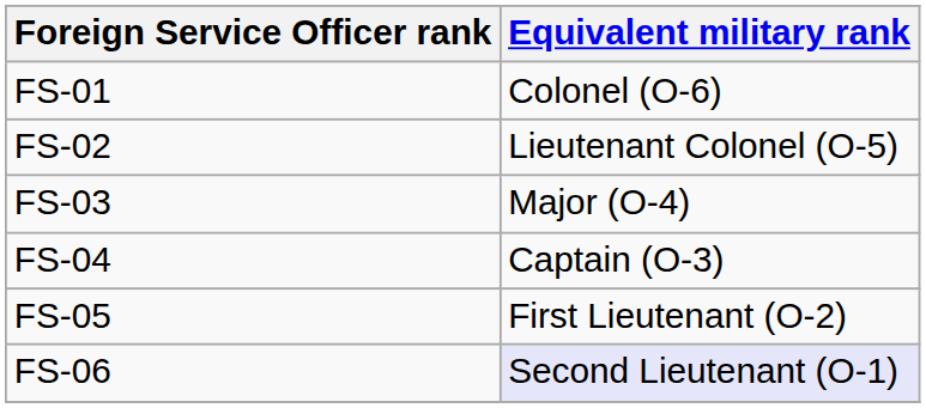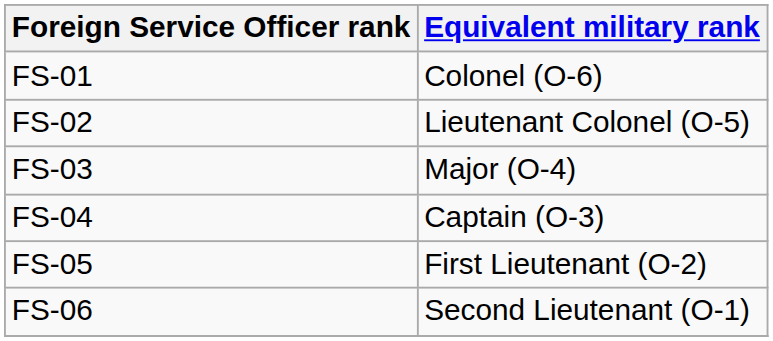 <table class="wikitable">
 <tr>
 <th>Foreign Service Officer rank</th>
 <th><a href='#'>Equivalent military rank</a></th>
 </tr>
 <tr>
 <td>FS-01</td>
 <td>Colonel (O-6)</td>
 </tr>
 <tr>
 <td>FS-02</td>
 <td>Lieutenant Colonel (O-5)</td>
 </tr>
 <tr>
 <td>FS-03</td>
 <td>Major (O-4)</td>
 </tr>
 <tr>
 <td>FS-04</td>
 <td>Captain (O-3)</td>
 </tr>
 <tr>
 <td>FS-05</td>
 <td>First Lieutenant (O-2)</td>
 </tr>
 <tr>
 <td>FS-06</td>
-<td style="background: lavender;">Second Lieutenant (O-1)</td>
+<td>Second Lieutenant (O-1)</td>
 </tr>
 <tr>
 </tr>
 </table>
